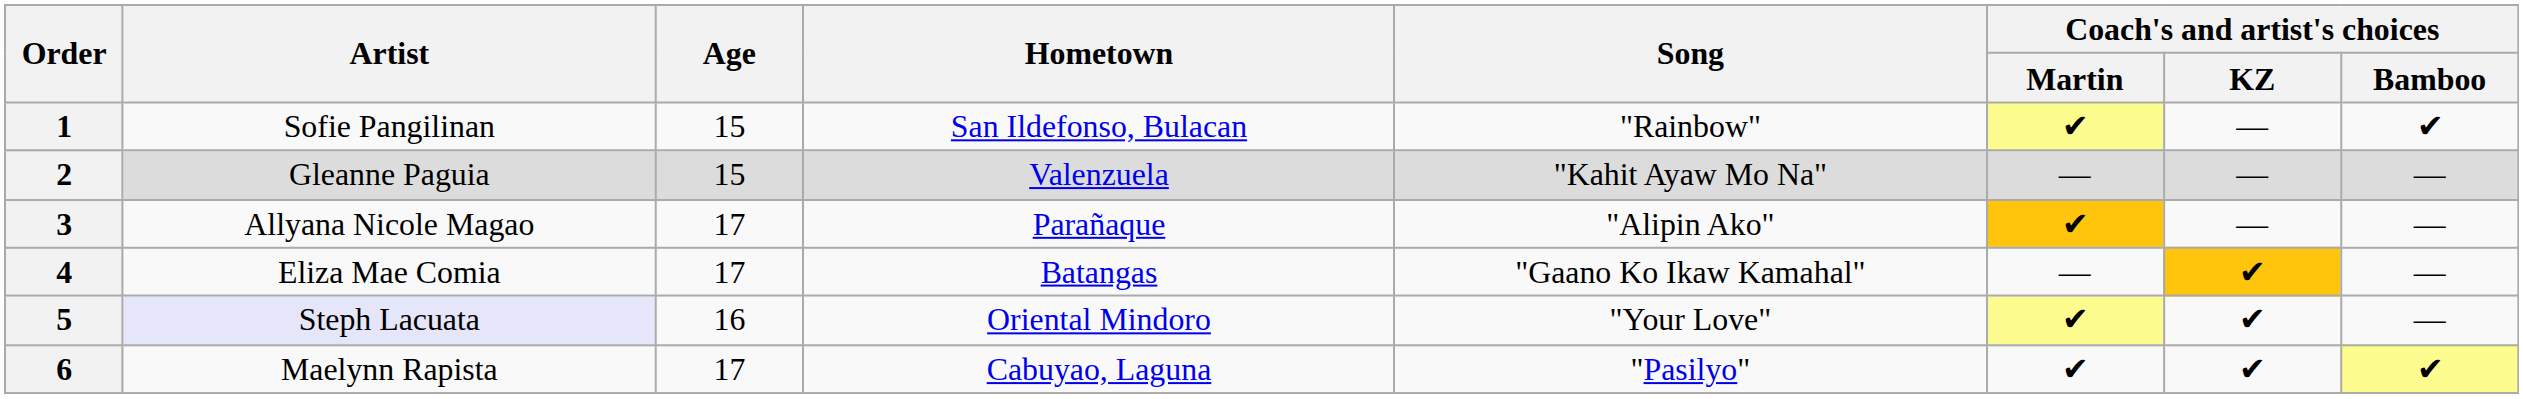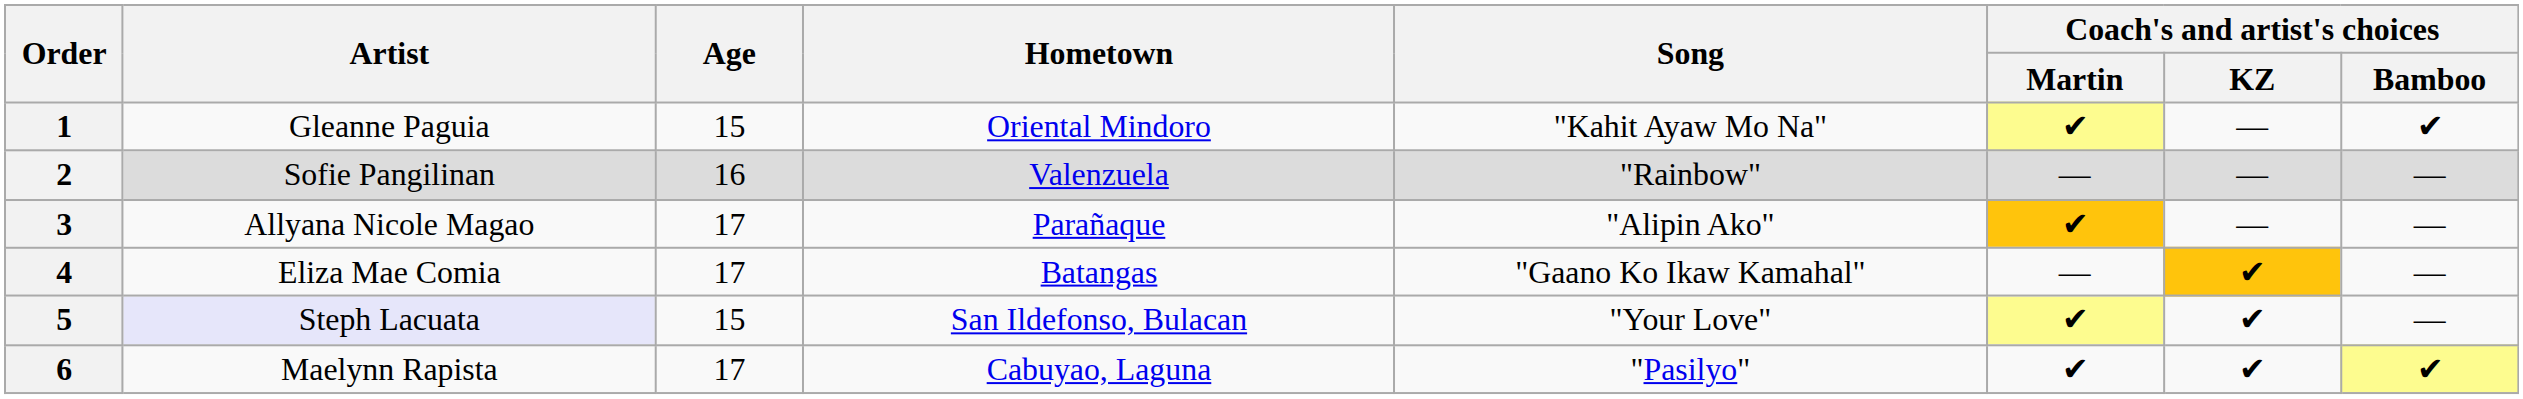 <table class="wikitable" style="text-align:center; line-height:17px; width:100%">
 <tr>
 <th scope="col" rowspan="2" style="width:04%">Order</th>
 <th scope="col" rowspan="2" style="width:18%">Artist</th>
 <th scope="col" rowspan="2" style="width:05%">Age</th>
 <th scope="col" rowspan="2" style="width:20%">Hometown</th>
 <th scope="col" rowspan="2" style="width:20%">Song</th>
 <th scope="col" colspan="3" style="width:24%">Coach's and artist's choices</th>
 </tr>
 <tr>
 <th style="width:06%">Martin</th>
 <th style="width:06%">KZ</th>
 <th style="width:06%">Bamboo</th>
 </tr>
 <tr>
 <th>1</th>
-<td>Sofie Pangilinan</td>
+<td>Gleanne Paguia</td>
 <td>15</td>
-<td><a href='#'>San Ildefonso, Bulacan</a></td>
-<td>"Rainbow"</td>
+<td><a href='#'>Oriental Mindoro</a></td>
+<td>"Kahit Ayaw Mo Na"</td>
 <td style="background:#fdfc8f;">✔</td>
 <td>—</td>
 <td>✔</td>
 </tr>
 <tr style="background:#DCDCDC; |">
 <th>2</th>
-<td>Gleanne Paguia</td>
-<td>15</td>
+<td>Sofie Pangilinan</td>
+<td>16</td>
 <td><a href='#'>Valenzuela</a></td>
-<td>"Kahit Ayaw Mo Na"</td>
+<td>"Rainbow"</td>
 <td>—</td>
 <td>—</td>
 <td>—</td>
 </tr>
 <tr>
 <th>3</th>
 <td>Allyana Nicole Magao</td>
 <td>17</td>
 <td><a href='#'>Parañaque</a></td>
 <td>"Alipin Ako"</td>
 <td style="background:#FFC40C;">✔</td>
 <td>—</td>
 <td>—</td>
 </tr>
 <tr>
 <th>4</th>
 <td>Eliza Mae Comia</td>
 <td>17</td>
 <td><a href='#'>Batangas</a></td>
 <td>"Gaano Ko Ikaw Kamahal"</td>
 <td>—</td>
 <td style="background:#FFC40C;">✔</td>
 <td>—</td>
 </tr>
 <tr>
 <th>5</th>
 <td style="background: lavender;">Steph Lacuata</td>
-<td>16</td>
-<td><a href='#'>Oriental Mindoro</a></td>
+<td>15</td>
+<td><a href='#'>San Ildefonso, Bulacan</a></td>
 <td>"Your Love"</td>
 <td style="background:#fdfc8f;">✔</td>
 <td>✔</td>
 <td>—</td>
 </tr>
 <tr>
 <th>6</th>
 <td>Maelynn Rapista</td>
 <td>17</td>
 <td><a href='#'>Cabuyao, Laguna</a></td>
 <td>"<a href='#'>Pasilyo</a>"</td>
 <td>✔</td>
 <td>✔</td>
 <td style="background:#fdfc8f;">✔</td>
 </tr>
 </table>
